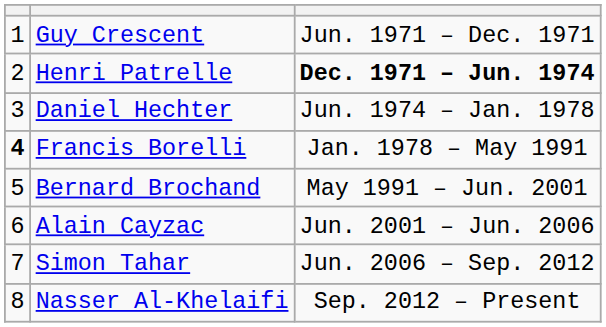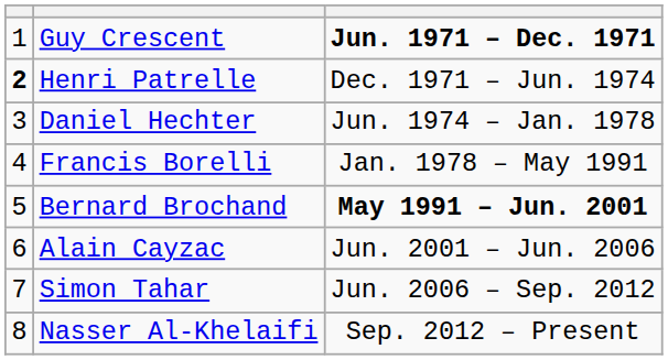 <table class="wikitable plainrowheaders sortable" style="text-align:center">
 <tr>
 <th></th>
 <th></th>
 <th></th>
 </tr>
 <tr>
 <td>1</td>
 <td align="left"> <a href='#'>Guy Crescent</a></td>
-<td>Jun. 1971 – Dec. 1971</td>
+<td><strong>Jun. 1971 – Dec. 1971</strong></td>
 </tr>
 <tr>
-<td>2</td>
+<td><strong>2</strong></td>
 <td align="left"> <a href='#'>Henri Patrelle</a></td>
-<td><strong>Dec. 1971 – Jun. 1974</strong></td>
+<td>Dec. 1971 – Jun. 1974</td>
 </tr>
 <tr>
 <td>3</td>
 <td align="left"> <a href='#'>Daniel Hechter</a></td>
 <td>Jun. 1974 – Jan. 1978</td>
 </tr>
 <tr>
-<td><strong>4</strong></td>
+<td>4</td>
 <td align="left"> <a href='#'>Francis Borelli</a></td>
 <td>Jan. 1978 – May 1991</td>
 </tr>
 <tr>
 <td>5</td>
 <td align="left"> <a href='#'>Bernard Brochand</a></td>
-<td>May 1991 – Jun. 2001</td>
+<td><strong>May 1991 – Jun. 2001</strong></td>
 </tr>
 <tr>
 <td>6</td>
 <td align="left"> <a href='#'>Alain Cayzac</a></td>
 <td>Jun. 2001 – Jun. 2006</td>
 </tr>
 <tr>
 <td>7</td>
 <td align="left"> <a href='#'>Simon Tahar</a></td>
 <td>Jun. 2006 – Sep. 2012</td>
 </tr>
 <tr>
 <td>8</td>
 <td align="left"> <a href='#'>Nasser Al-Khelaifi</a></td>
 <td>Sep. 2012 – Present</td>
 </tr>
 </table>
